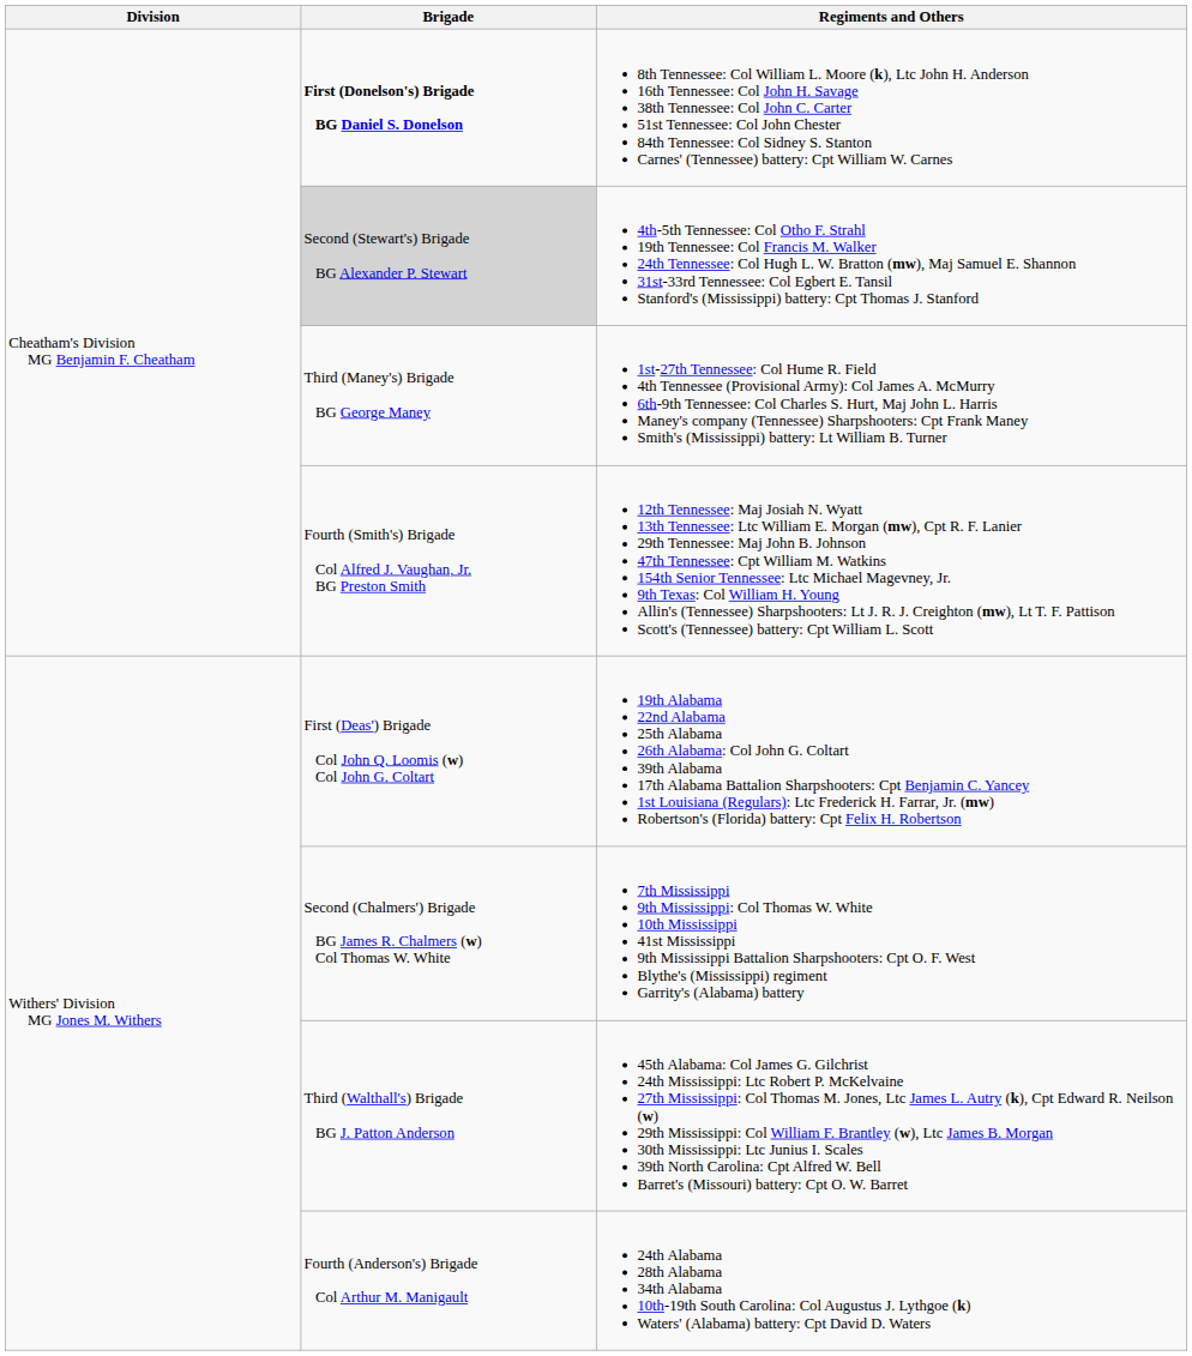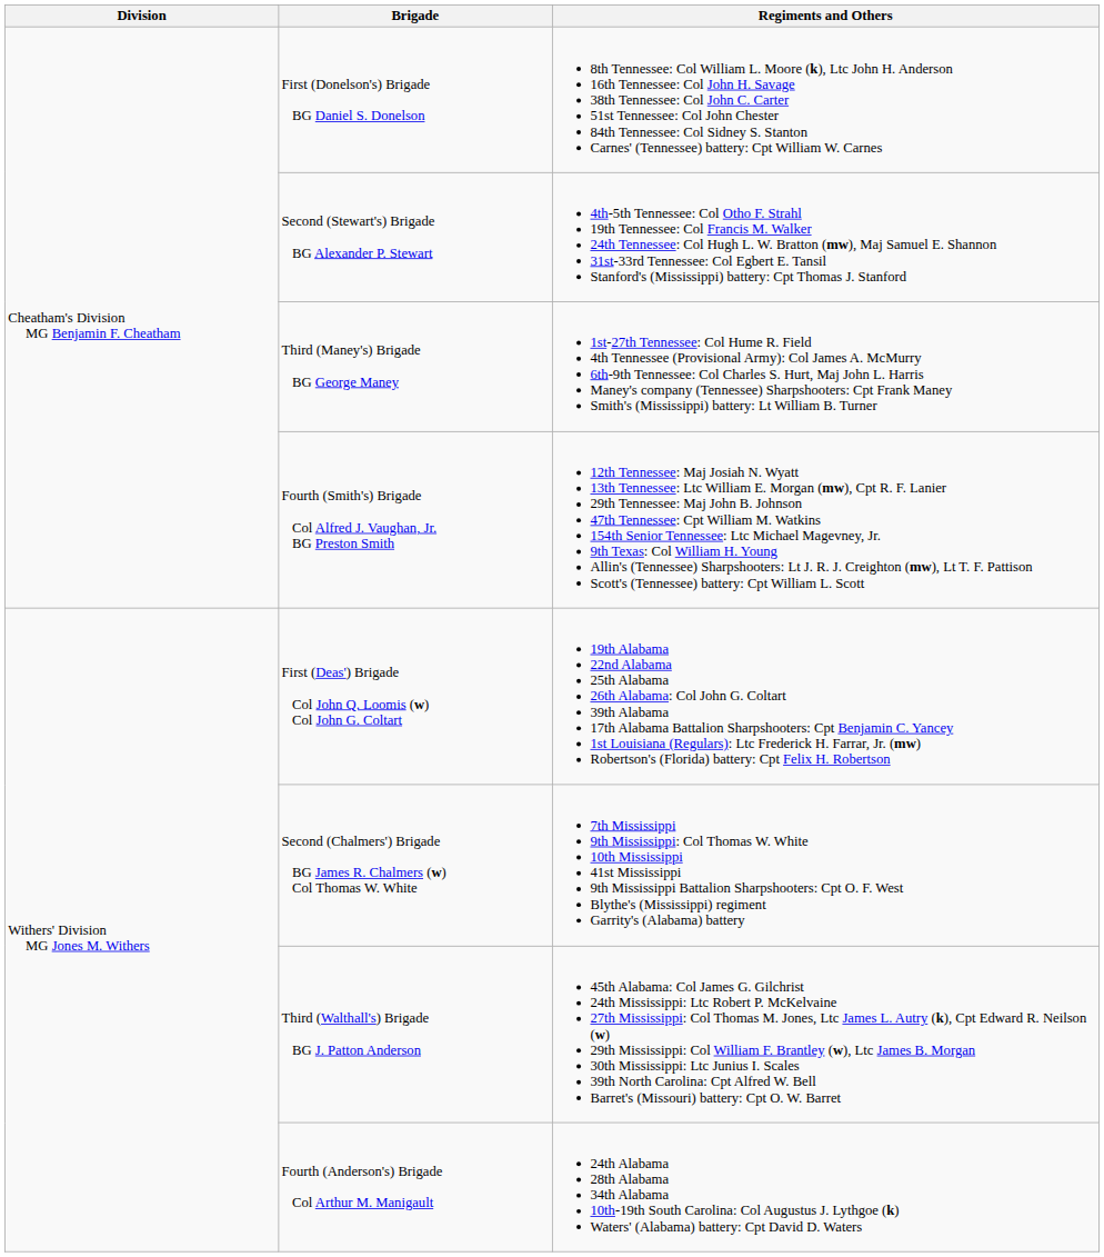 <table class="wikitable">
 <tr>
 <th width=25%>Division</th>
 <th width=25%>Brigade</th>
 <th>Regiments and Others</th>
 </tr>
 <tr>
 <td rowspan=4><br>Cheatham's Division <br>     MG <a href='#'>Benjamin F. Cheatham</a></td>
-<td><strong>First (Donelson's) Brigade<br><br>    BG <a href='#'>Daniel S. Donelson</a></strong></td>
+<td>First (Donelson's) Brigade<br><br>    BG <a href='#'>Daniel S. Donelson</a></td>
 <td><br><ul><li>8th Tennessee: Col William L. Moore (<strong>k</strong>), Ltc John H. Anderson</li><li>16th Tennessee: Col <a href='#'>John H. Savage</a></li><li>38th Tennessee: Col <a href='#'>John C. Carter</a></li><li>51st Tennessee: Col John Chester</li><li>84th Tennessee: Col Sidney S. Stanton</li><li>Carnes' (Tennessee) battery: Cpt William W. Carnes</li></ul></td>
 </tr>
 <tr>
-<td style="background: lightgrey;">Second (Stewart's) Brigade<br><br>   BG <a href='#'>Alexander P. Stewart</a></td>
+<td>Second (Stewart's) Brigade<br><br>   BG <a href='#'>Alexander P. Stewart</a></td>
 <td><br><ul><li><a href='#'>4th</a>-5th Tennessee: Col <a href='#'>Otho F. Strahl</a></li><li>19th Tennessee: Col <a href='#'>Francis M. Walker</a></li><li><a href='#'>24th Tennessee</a>: Col Hugh L. W. Bratton (<strong>mw</strong>), Maj Samuel E. Shannon</li><li><a href='#'>31st</a>-33rd Tennessee: Col Egbert E. Tansil</li><li>Stanford's (Mississippi) battery: Cpt Thomas J. Stanford</li></ul></td>
 </tr>
 <tr>
 <td>Third (Maney's) Brigade<br><br>   BG <a href='#'>George Maney</a></td>
 <td><br><ul><li><a href='#'>1st</a>-<a href='#'>27th Tennessee</a>: Col Hume R. Field</li><li>4th Tennessee (Provisional Army): Col James A. McMurry</li><li><a href='#'>6th</a>-9th Tennessee: Col Charles S. Hurt, Maj John L. Harris</li><li>Maney's company (Tennessee) Sharpshooters: Cpt Frank Maney</li><li>Smith's (Mississippi) battery: Lt William B. Turner</li></ul></td>
 </tr>
 <tr>
 <td>Fourth (Smith's) Brigade<br><br>   Col <a href='#'>Alfred J. Vaughan, Jr.</a> <br>   BG <a href='#'>Preston Smith</a></td>
 <td><br><ul><li><a href='#'>12th Tennessee</a>: Maj Josiah N. Wyatt</li><li><a href='#'>13th Tennessee</a>: Ltc William E. Morgan (<strong>mw</strong>), Cpt R. F. Lanier</li><li>29th Tennessee: Maj John B. Johnson</li><li><a href='#'>47th Tennessee</a>: Cpt William M. Watkins</li><li><a href='#'>154th Senior Tennessee</a>: Ltc Michael Magevney, Jr.</li><li><a href='#'>9th Texas</a>: Col <a href='#'>William H. Young</a></li><li>Allin's (Tennessee) Sharpshooters: Lt J. R. J. Creighton (<strong>mw</strong>), Lt T. F. Pattison</li><li>Scott's (Tennessee) battery: Cpt William L. Scott</li></ul></td>
 </tr>
 <tr>
 <td rowspan=4><br>Withers' Division <br>     MG <a href='#'>Jones M. Withers</a></td>
 <td>First (<a href='#'>Deas'</a>) Brigade<br><br>   Col <a href='#'>John Q. Loomis</a> (<strong>w</strong>) <br>   Col <a href='#'>John G. Coltart</a></td>
 <td><br><ul><li><a href='#'>19th Alabama</a></li><li><a href='#'>22nd Alabama</a></li><li>25th Alabama</li><li><a href='#'>26th Alabama</a>: Col John G. Coltart</li><li>39th Alabama</li><li>17th Alabama Battalion Sharpshooters: Cpt <a href='#'>Benjamin C. Yancey</a></li><li><a href='#'>1st Louisiana (Regulars)</a>: Ltc Frederick H. Farrar, Jr. (<strong>mw</strong>)</li><li>Robertson's (Florida) battery: Cpt <a href='#'>Felix H. Robertson</a></li></ul></td>
 </tr>
 <tr>
 <td>Second (Chalmers') Brigade<br><br>   BG <a href='#'>James R. Chalmers</a> (<strong>w</strong>) <br>   Col Thomas W. White</td>
 <td><br><ul><li><a href='#'>7th Mississippi</a></li><li><a href='#'>9th Mississippi</a>: Col Thomas W. White</li><li><a href='#'>10th Mississippi</a></li><li>41st Mississippi</li><li>9th Mississippi Battalion Sharpshooters: Cpt O. F. West</li><li>Blythe's (Mississippi) regiment</li><li>Garrity's (Alabama) battery</li></ul></td>
 </tr>
 <tr>
 <td>Third (<a href='#'>Walthall's</a>) Brigade<br><br>   BG <a href='#'>J. Patton Anderson</a></td>
 <td><br><ul><li>45th Alabama: Col James G. Gilchrist</li><li>24th Mississippi: Ltc Robert P. McKelvaine</li><li><a href='#'>27th Mississippi</a>: Col Thomas M. Jones, Ltc <a href='#'>James L. Autry</a> (<strong>k</strong>), Cpt Edward R. Neilson (<strong>w</strong>)</li><li>29th Mississippi: Col <a href='#'>William F. Brantley</a> (<strong>w</strong>), Ltc <a href='#'>James B. Morgan</a></li><li>30th Mississippi: Ltc Junius I. Scales</li><li>39th North Carolina: Cpt Alfred W. Bell</li><li>Barret's (Missouri) battery: Cpt O. W. Barret</li></ul></td>
 </tr>
 <tr>
 <td>Fourth (Anderson's) Brigade<br><br>   Col <a href='#'>Arthur M. Manigault</a></td>
 <td><br><ul><li>24th Alabama</li><li>28th Alabama</li><li>34th Alabama</li><li><a href='#'>10th</a>-19th South Carolina: Col Augustus J. Lythgoe (<strong>k</strong>)</li><li>Waters' (Alabama) battery: Cpt David D. Waters</li></ul></td>
 </tr>
 </table>
